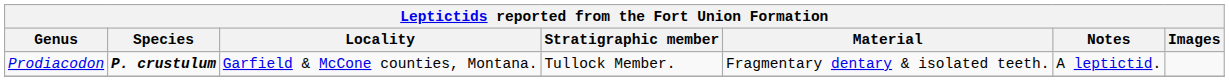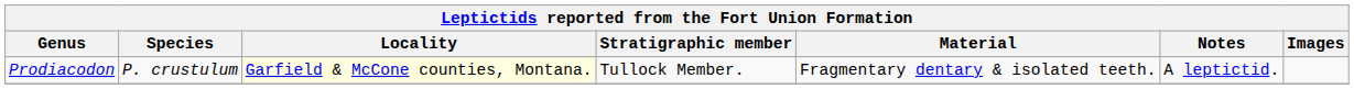 <table class="wikitable" align="center">
 <tr>
 <th colspan="7" align="center"><strong><a href='#'>Leptictids</a> reported from the Fort Union Formation</strong></th>
 </tr>
 <tr>
 <th>Genus</th>
 <th>Species</th>
 <th>Locality</th>
 <th><strong>Stratigraphic member</strong></th>
 <th><strong>Material</strong></th>
 <th>Notes</th>
 <th>Images</th>
 </tr>
 <tr>
 <td><em><a href='#'>Prodiacodon</a></em></td>
-<td><strong><em>P. crustulum</em></strong></td>
-<td><a href='#'>Garfield</a> & <a href='#'>McCone</a> counties, Montana.</td>
+<td><em>P. crustulum</em></td>
+<td style="background: lightyellow;"><a href='#'>Garfield</a> & <a href='#'>McCone</a> counties, Montana.</td>
 <td>Tullock Member.</td>
 <td>Fragmentary <a href='#'>dentary</a> & isolated teeth.</td>
 <td>A <a href='#'>leptictid</a>.</td>
 <td></td>
 </tr>
 <tr>
 </tr>
 </table>
